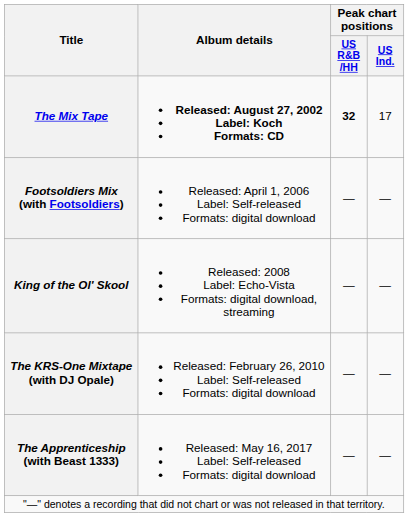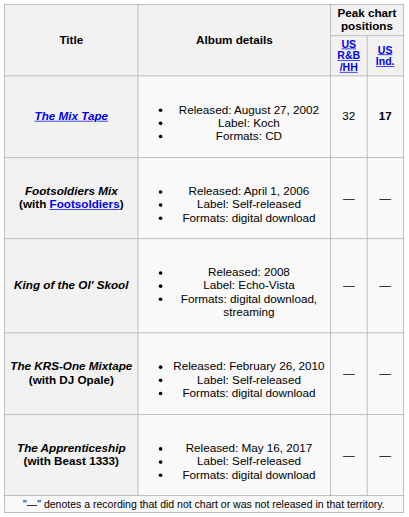 <table class="wikitable plainrowheaders" style="text-align:center;">
 <tr>
 <th scope="col" rowspan="2" style="width:11em;">Title</th>
 <th scope="col" rowspan="2" style="width:16em;">Album details</th>
 <th scope="col" colspan="7">Peak chart positions</th>
 </tr>
 <tr>
 <th scope="col" style="width:3em;font-size:90%;"><a href='#'>US<br>R&B<br>/HH</a><br></th>
 <th scope="col" style="width:3em;font-size:90%;"><a href='#'>US Ind.</a><br></th>
 </tr>
 <tr>
 <th scope="row"><em><a href='#'>The Mix Tape</a></em></th>
-<td><strong><br><ul><li>Released: August 27, 2002</li><li>Label: Koch</li><li>Formats: CD</li></ul></strong></td>
-<td style="text-align:center;"><strong>32</strong></td>
-<td style="text-align:center;">17</td>
+<td><br><ul><li>Released: August 27, 2002</li><li>Label: Koch</li><li>Formats: CD</li></ul></td>
+<td style="text-align:center;">32</td>
+<td style="text-align:center;"><strong>17</strong></td>
 </tr>
 <tr>
 <th scope="row"><em>Footsoldiers Mix</em><br><span>(with <a href='#'>Footsoldiers</a>)</span></th>
 <td><br><ul><li>Released: April 1, 2006</li><li>Label: Self-released</li><li>Formats: digital download</li></ul></td>
 <td style="text-align:center;">—</td>
 <td style="text-align:center;">—</td>
 </tr>
 <tr>
 <th scope="row"><em>King of the Ol' Skool</em></th>
 <td><br><ul><li>Released: 2008</li><li>Label: Echo-Vista</li><li>Formats: digital download, streaming</li></ul></td>
 <td style="text-align:center;">—</td>
 <td style="text-align:center;">—</td>
 </tr>
 <tr>
 <th scope="row"><em>The KRS-One Mixtape</em><br><span>(with DJ Opale)</span></th>
 <td><br><ul><li>Released: February 26, 2010</li><li>Label: Self-released</li><li>Formats: digital download</li></ul></td>
 <td style="text-align:center;">—</td>
 <td style="text-align:center;">—</td>
 </tr>
 <tr>
 <th scope="row"><em>The Apprenticeship</em><br><span>(with Beast 1333)</span></th>
 <td><br><ul><li>Released: May 16, 2017</li><li>Label: Self-released</li><li>Formats: digital download</li></ul></td>
 <td style="text-align:center;">—</td>
 <td style="text-align:center;">—</td>
 </tr>
 <tr>
 <td colspan="4" style="font-size:90%">"—" denotes a recording that did not chart or was not released in that territory.</td>
 </tr>
 </table>
